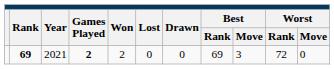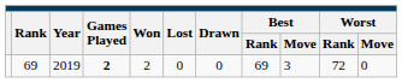 <table class="wikitable sortable" style="text-align:center;">
 <tr>
 <th colspan=12 style="background: #013A5E; color: #FFFFFF;"><a href='#'></a></th>
 </tr>
 <tr>
 <th rowspan=2></th>
 <th rowspan=2>Rank</th>
 <th rowspan=2>Year</th>
 <th rowspan=2>Games<br>Played</th>
 <th rowspan=2>Won</th>
 <th rowspan=2>Lost</th>
 <th rowspan=2>Drawn</th>
 <th colspan=2>Best</th>
 <th colspan=2>Worst</th>
 </tr>
 <tr>
 <th>Rank</th>
 <th>Move</th>
 <th>Rank</th>
 <th>Move</th>
 </tr>
 <tr>
 <td></td>
-<td><strong>69</strong></td>
-<td>2021</td>
+<td>69</td>
+<td>2019</td>
 <td><strong>2</strong></td>
 <td>2</td>
 <td>0</td>
 <td>0</td>
 <td>69</td>
 <td align=left> 3</td>
 <td>72</td>
 <td align=left> 0<br></td>
 </tr>
 </table>
